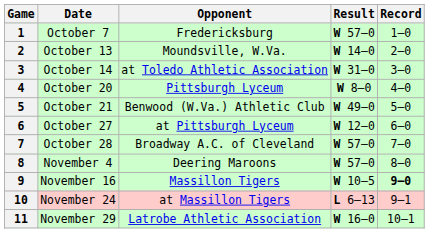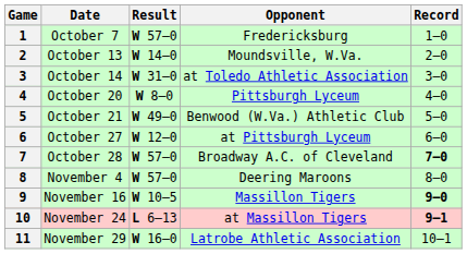 <table class="wikitable" style="text-align:center">
 <tr>
 <th>Game</th>
 <th>Date</th>
+<th>Result</th>
 <th>Opponent</th>
-<th>Result</th>
 <th>Record</th>
 </tr>
 <tr style="background:#cfc">
 <th>1</th>
 <td>October 7</td>
+<td><strong>W</strong> 57–0</td>
 <td>Fredericksburg</td>
-<td><strong>W</strong> 57–0</td>
 <td>1–0</td>
 </tr>
 <tr style="background:#cfc">
 <th>2</th>
 <td>October 13</td>
+<td><strong>W</strong> 14–0</td>
 <td>Moundsville, W.Va.</td>
-<td><strong>W</strong> 14–0</td>
 <td>2–0</td>
 </tr>
 <tr style="background:#cfc">
 <th>3</th>
 <td>October 14</td>
+<td><strong>W</strong> 31–0</td>
 <td>at <a href='#'>Toledo Athletic Association</a></td>
-<td><strong>W</strong> 31–0</td>
 <td>3–0</td>
 </tr>
 <tr style="background:#cfc">
 <th>4</th>
 <td>October 20</td>
+<td><strong>W</strong> 8–0</td>
 <td><a href='#'>Pittsburgh Lyceum</a></td>
-<td><strong>W</strong> 8–0</td>
 <td>4–0</td>
 </tr>
 <tr style="background:#cfc">
 <th>5</th>
 <td>October 21</td>
+<td><strong>W</strong> 49–0</td>
 <td>Benwood (W.Va.) Athletic Club</td>
-<td><strong>W</strong> 49–0</td>
 <td>5–0</td>
 </tr>
 <tr style="background:#cfc">
 <th>6</th>
 <td>October 27</td>
+<td><strong>W</strong> 12–0</td>
 <td>at <a href='#'>Pittsburgh Lyceum</a></td>
-<td><strong>W</strong> 12–0</td>
 <td>6–0</td>
 </tr>
 <tr style="background:#cfc">
 <th>7</th>
 <td>October 28</td>
+<td><strong>W</strong> 57–0</td>
 <td>Broadway A.C. of Cleveland</td>
-<td><strong>W</strong> 57–0</td>
-<td>7–0</td>
+<td><strong>7–0</strong></td>
 </tr>
 <tr style="background:#cfc">
 <th>8</th>
 <td>November 4</td>
+<td><strong>W</strong> 57–0</td>
 <td>Deering Maroons</td>
-<td><strong>W</strong> 57–0</td>
 <td>8–0</td>
 </tr>
 <tr style="background:#cfc">
 <th>9</th>
 <td>November 16</td>
+<td><strong>W</strong> 10–5</td>
 <td><a href='#'>Massillon Tigers</a></td>
-<td><strong>W</strong> 10–5</td>
 <td><strong>9–0</strong></td>
 </tr>
 <tr style="background:#fcc">
 <th>10</th>
 <td>November 24</td>
+<td><strong>L</strong> 6–13</td>
 <td>at <a href='#'>Massillon Tigers</a></td>
-<td><strong>L</strong> 6–13</td>
-<td>9–1</td>
+<td><strong>9–1</strong></td>
 </tr>
 <tr style="background:#cfc">
 <th>11</th>
 <td>November 29</td>
+<td><strong>W</strong> 16–0</td>
 <td><a href='#'>Latrobe Athletic Association</a></td>
-<td><strong>W</strong> 16–0</td>
 <td>10–1</td>
 </tr>
 </table>
